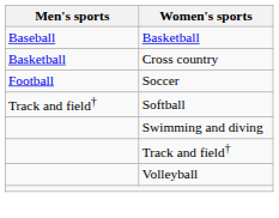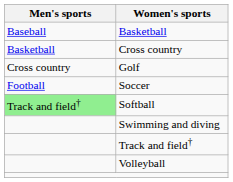 <table class="wikitable"; style= "text-align: ">
 <tr>
 <th width=150px>Men's sports</th>
 <th width=150px>Women's sports</th>
 </tr>
 <tr>
 <td><a href='#'>Baseball</a></td>
 <td><a href='#'>Basketball</a></td>
 </tr>
 <tr>
 <td><a href='#'>Basketball</a></td>
 <td>Cross country</td>
 </tr>
 <tr>
+<td>Cross country</td>
+<td>Golf</td>
+</tr>
+<tr>
 <td><a href='#'>Football</a></td>
 <td>Soccer</td>
 </tr>
 <tr>
-<td>Track and field<sup>†</sup></td>
+<td style="background: lightgreen;">Track and field<sup>†</sup></td>
 <td>Softball</td>
 </tr>
 <tr>
 <td></td>
 <td>Swimming and diving</td>
 </tr>
 <tr>
 <td></td>
 <td>Track and field<sup>†</sup></td>
 </tr>
 <tr>
 <td></td>
 <td>Volleyball</td>
 </tr>
 <tr>
 <td colspan="2"></td>
 </tr>
 </table>
